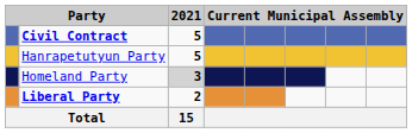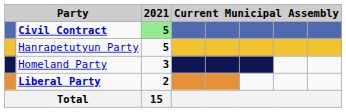 <table class="wikitable">
 <tr>
 <th colspan="2" style="background:#ccc">Party</th>
 <th style="background:#ccc">2021</th>
 <th colspan="5" style="background:#ccc">Current Municipal Assembly</th>
 </tr>
 <tr>
 <td style="background-color: #5169B1"> </td>
 <td><a href='#'><strong>Civil Contract</strong></a></td>
-<td style="text-align: right"><strong>5</strong></td>
+<td style="background: lightgreen; text-align: right"><strong>5</strong></td>
 <td style="background-color: #5169B1"> </td>
 <td style="background-color: #5169B1"> </td>
 <td style="background-color: #5169B1"> </td>
 <td style="background-color: #5169B1"> </td>
 <td style="background-color: #5169B1"> </td>
 </tr>
 <tr>
 <td style="background-color: #f1c232"> </td>
 <td><a href='#'>Hanrapetutyun Party</a></td>
 <td style="text-align: right"><strong>5</strong></td>
 <td style="background-color: #f1c232"> </td>
 <td style="background-color: #f1c232"> </td>
 <td style="background-color: #f1c232"> </td>
 <td style="background-color: #f1c232"> </td>
 <td style="background-color: #f1c232"> </td>
 </tr>
 <tr>
 <td style="background-color: #0D1553"> </td>
 <td><a href='#'>Homeland Party</a></td>
-<td style="background: lightgrey; text-align: right"><strong>3</strong></td>
+<td style="text-align: right"><strong>3</strong></td>
 <td style="background-color: #0D1553"> </td>
 <td style="background-color: #0D1553"> </td>
 <td style="background-color: #0D1553"> </td>
 <td></td>
 <td></td>
 </tr>
 <tr>
 <td style="background-color: #E69138"> </td>
 <td><a href='#'><strong>Liberal Party</strong></a></td>
 <td style="text-align: right"><strong>2</strong></td>
 <td style="background-color: #E69138"> </td>
 <td style="background-color: #E69138"> </td>
 <td></td>
 <td></td>
 <td></td>
 </tr>
 <tr>
 <th colspan="2">Total</th>
 <th align="right">15</th>
 <th colspan="5"> </th>
 </tr>
 </table>
